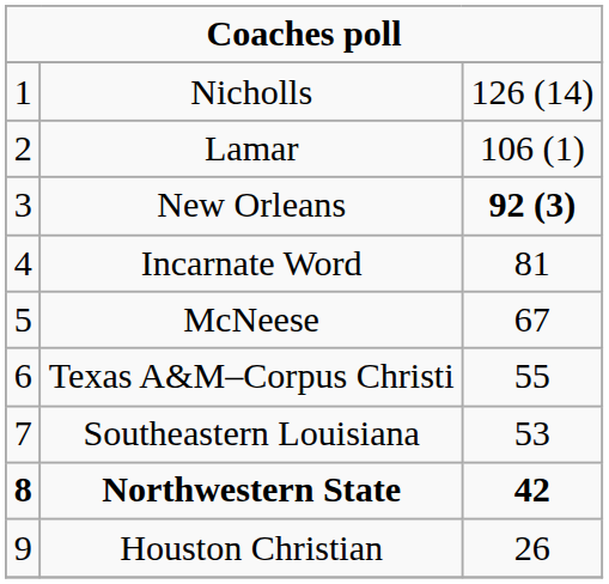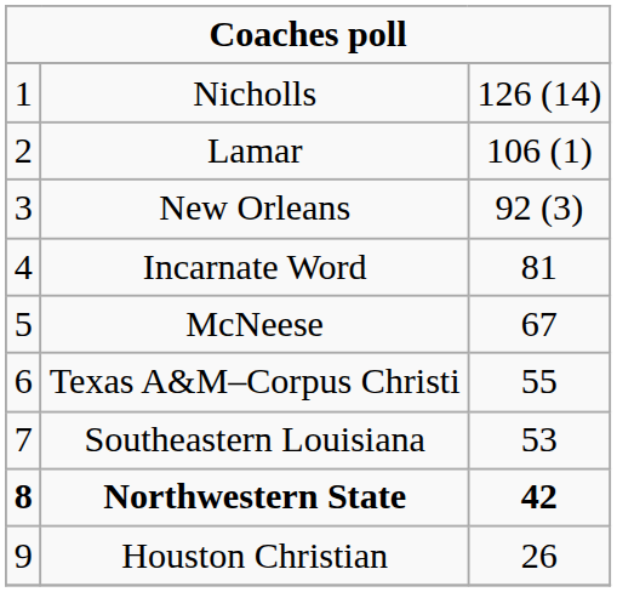 <table class="wikitable">
 <tr align="center">
 <td align="center" Colspan="3"><strong>Coaches poll</strong></td>
 </tr>
 <tr align="center">
 </tr>
 <tr align="center">
 <td>1</td>
 <td>Nicholls</td>
 <td>126 (14)</td>
 </tr>
 <tr align="center">
 <td>2</td>
 <td>Lamar</td>
 <td>106 (1)</td>
 </tr>
 <tr align="center">
 <td>3</td>
 <td>New Orleans</td>
-<td><strong>92 (3)</strong></td>
+<td>92 (3)</td>
 </tr>
 <tr align="center">
 <td>4</td>
 <td>Incarnate Word</td>
 <td>81</td>
 </tr>
 <tr align="center">
 <td>5</td>
 <td>McNeese</td>
 <td>67</td>
 </tr>
 <tr align="center">
 <td>6</td>
 <td>Texas A&M–Corpus Christi</td>
 <td>55</td>
 </tr>
 <tr align="center">
 <td>7</td>
 <td>Southeastern Louisiana</td>
 <td>53</td>
 </tr>
 <tr align="center">
 <td><strong>8</strong></td>
 <td><strong>Northwestern State</strong></td>
 <td><strong>42</strong></td>
 </tr>
 <tr align="center">
 <td>9</td>
 <td>Houston Christian</td>
 <td>26</td>
 </tr>
 <tr align="center">
 </tr>
 </table>
